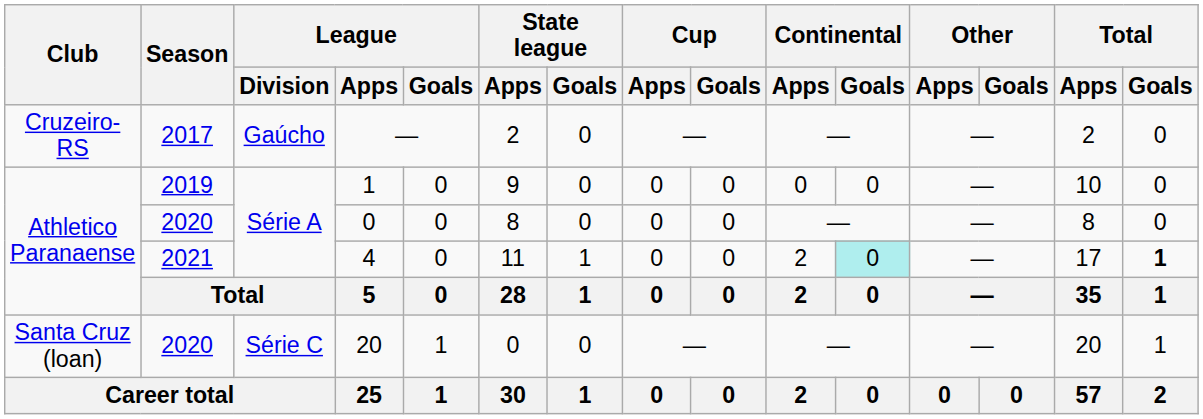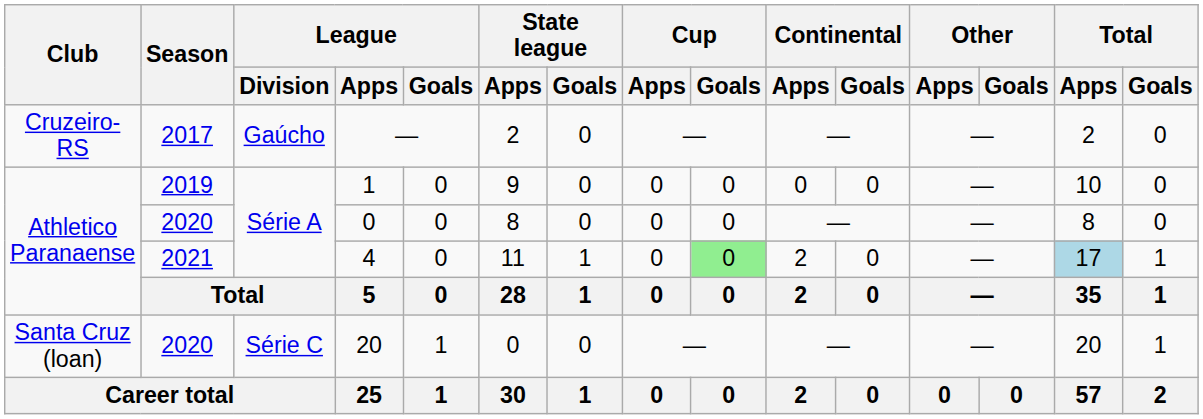 <table class="wikitable" style="text-align: center">
 <tr>
 <th rowspan="2">Club</th>
 <th rowspan="2">Season</th>
 <th colspan="3">League</th>
 <th colspan="2">State league</th>
 <th colspan="2">Cup</th>
 <th colspan="2">Continental</th>
 <th colspan="2">Other</th>
 <th colspan="2">Total</th>
 </tr>
 <tr>
 <th>Division</th>
 <th>Apps</th>
 <th>Goals</th>
 <th>Apps</th>
 <th>Goals</th>
 <th>Apps</th>
 <th>Goals</th>
 <th>Apps</th>
 <th>Goals</th>
 <th>Apps</th>
 <th>Goals</th>
 <th>Apps</th>
 <th>Goals</th>
 </tr>
 <tr>
 <td><a href='#'>Cruzeiro-RS</a></td>
 <td><a href='#'>2017</a></td>
 <td><a href='#'>Gaúcho</a></td>
 <td colspan="2">—</td>
 <td>2</td>
 <td>0</td>
 <td colspan="2">—</td>
 <td colspan="2">—</td>
 <td colspan="2">—</td>
 <td>2</td>
 <td>0</td>
 </tr>
 <tr>
 <td rowspan="4"><a href='#'>Athletico Paranaense</a></td>
 <td><a href='#'>2019</a></td>
 <td rowspan="3"><a href='#'>Série A</a></td>
 <td>1</td>
 <td>0</td>
 <td>9</td>
 <td>0</td>
 <td>0</td>
 <td>0</td>
 <td>0</td>
 <td>0</td>
 <td colspan="2">—</td>
 <td>10</td>
 <td>0</td>
 </tr>
 <tr>
 <td><a href='#'>2020</a></td>
 <td>0</td>
 <td>0</td>
 <td>8</td>
 <td>0</td>
 <td>0</td>
 <td>0</td>
 <td colspan="2">—</td>
 <td colspan="2">—</td>
 <td>8</td>
 <td>0</td>
 </tr>
 <tr>
 <td><a href='#'>2021</a></td>
 <td>4</td>
 <td>0</td>
 <td>11</td>
 <td>1</td>
 <td>0</td>
+<td style="background: lightgreen;">0</td>
+<td>2</td>
 <td>0</td>
-<td>2</td>
-<td style="background: paleturquoise;">0</td>
 <td colspan="2">—</td>
-<td>17</td>
-<td><strong>1</strong></td>
+<td style="background: lightblue;">17</td>
+<td>1</td>
 </tr>
 <tr>
 <th colspan="2">Total</th>
 <th>5</th>
 <th>0</th>
 <th>28</th>
 <th>1</th>
 <th>0</th>
 <th>0</th>
 <th>2</th>
 <th>0</th>
 <th colspan="2">—</th>
 <th>35</th>
 <th>1</th>
 </tr>
 <tr>
 <td><a href='#'>Santa Cruz</a> (loan)</td>
 <td><a href='#'>2020</a></td>
 <td><a href='#'>Série C</a></td>
 <td>20</td>
 <td>1</td>
 <td>0</td>
 <td>0</td>
 <td colspan="2">—</td>
 <td colspan="2">—</td>
 <td colspan="2">—</td>
 <td>20</td>
 <td>1</td>
 </tr>
 <tr>
 <th colspan="3"><strong>Career total</strong></th>
 <th>25</th>
 <th>1</th>
 <th>30</th>
 <th>1</th>
 <th>0</th>
 <th>0</th>
 <th>2</th>
 <th>0</th>
 <th>0</th>
 <th>0</th>
 <th>57</th>
 <th>2</th>
 </tr>
 </table>
